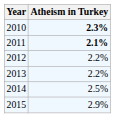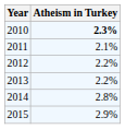 <table class="wikitable sortable" style="text-align:right;">
 <tr>
 <th>Year</th>
 <th>Atheism in Turkey</th>
 </tr>
 <tr style="background:#f0f8ff;">
 <td style="text-align:left">2010</td>
 <td><strong>2.3%</strong></td>
 </tr>
 <tr style="background:#f0f8ff;">
 <td style="text-align:left">2011</td>
-<td><strong>2.1%</strong></td>
+<td>2.1%</td>
 </tr>
 <tr style="background:#f0f8ff;">
 <td style="text-align:left">2012</td>
 <td>2.2%</td>
 </tr>
 <tr style="background:#f0f8ff;">
 <td style="text-align:left">2013</td>
 <td>2.2%</td>
 </tr>
 <tr style="background:#f0f8ff;">
 <td style="text-align:left">2014</td>
-<td>2.5%</td>
+<td>2.8%</td>
 </tr>
 <tr style="background:#f0f8ff;">
 <td style="text-align:left">2015</td>
 <td>2.9%</td>
 </tr>
 </table>
